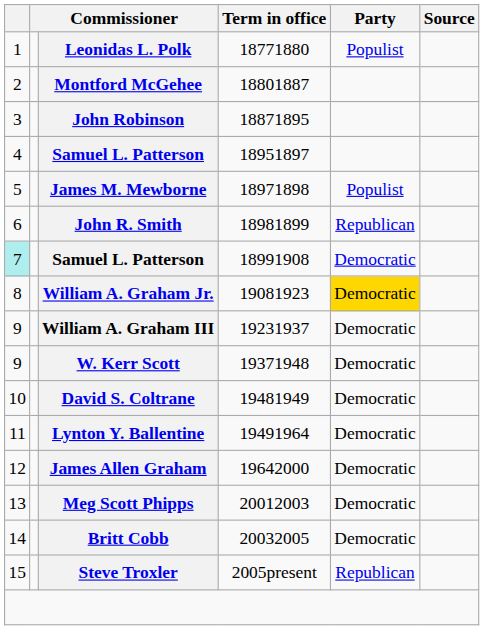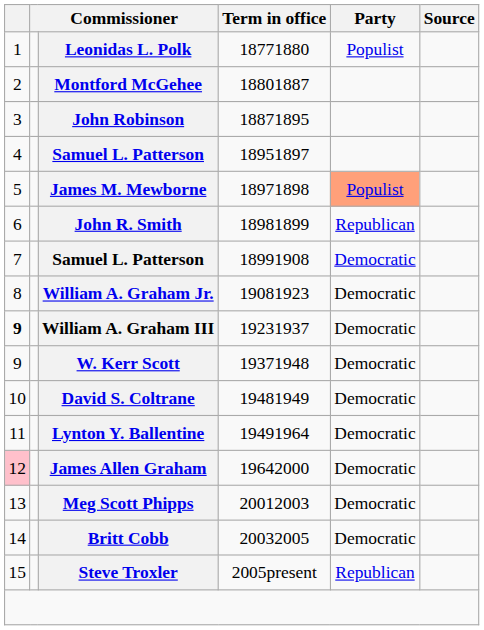 <table class="wikitable sortable" style="text-align:center;">
 <tr>
 <th scope="col" data-sort-type="number"></th>
 <th scope="col" colspan="2">Commissioner</th>
 <th scope="col">Term in office</th>
 <th scope="col">Party</th>
 <th scope="col">Source</th>
 </tr>
 <tr style="height:2em;">
 <td>1</td>
 <td data-sort-value="Polk, Leonidas L."></td>
 <th scope="row"><a href='#'>Leonidas L. Polk</a></th>
 <td>18771880</td>
 <td><a href='#'>Populist</a></td>
 <td></td>
 </tr>
 <tr style="height:2em;">
 <td>2</td>
 <td data-sort-value="McGehee, Montford"></td>
 <th scope="row"><a href='#'>Montford McGehee</a></th>
 <td>18801887</td>
 <td></td>
 <td></td>
 </tr>
 <tr style="height:2em;">
 <td>3</td>
 <td data-sort-value="Robinson, John"></td>
 <th scope="row"><a href='#'>John Robinson</a></th>
 <td>18871895</td>
 <td></td>
 <td></td>
 </tr>
 <tr style="height:2em;">
 <td>4</td>
 <td data-sort-value="Patterson, Samuel L."></td>
 <th scope="row"><a href='#'>Samuel L. Patterson</a></th>
 <td>18951897</td>
 <td></td>
 <td></td>
 </tr>
 <tr style="height:2em;">
 <td>5</td>
 <td data-sort-value="Mewborne, James M."></td>
 <th scope="row"><a href='#'>James M. Mewborne</a></th>
 <td>18971898</td>
-<td><a href='#'>Populist</a></td>
+<td style="background: lightsalmon;"><a href='#'>Populist</a></td>
 <td></td>
 </tr>
 <tr style="height:2em;">
 <td>6</td>
 <td data-sort-value="Smith, John R."></td>
 <th scope="row"><a href='#'>John R. Smith</a></th>
 <td>18981899</td>
 <td><a href='#'>Republican</a></td>
 <td></td>
 </tr>
 <tr style="height:2em;">
-<td style="background: paleturquoise;">7</td>
+<td>7</td>
 <td data-sort-value="Patterson, Samuel L."></td>
 <th scope="row">Samuel L. Patterson</th>
 <td>18991908</td>
 <td><a href='#'>Democratic</a></td>
 <td></td>
 </tr>
 <tr style="height:2em;">
 <td>8</td>
 <td data-sort-value="Graham, William A."></td>
 <th scope="row"><a href='#'>William A. Graham Jr.</a></th>
 <td>19081923</td>
-<td style="background: gold;">Democratic</td>
+<td>Democratic</td>
 <td></td>
 </tr>
 <tr style="height:2em;">
-<td>9</td>
+<td><strong>9</strong></td>
 <td data-sort-value="Graham, William A. III"></td>
 <th scope="row">William A. Graham III</th>
 <td>19231937</td>
 <td>Democratic</td>
 <td></td>
 </tr>
 <tr style="height:2em;">
 <td>9</td>
 <td data-sort-value="Scott, W. Kerr"></td>
 <th scope="row"><a href='#'>W. Kerr Scott</a></th>
 <td>19371948</td>
 <td>Democratic</td>
 <td></td>
 </tr>
 <tr style="height:2em;">
 <td>10</td>
 <td data-sort-value="Coltrane, David S."></td>
 <th scope="row"><a href='#'>David S. Coltrane</a></th>
 <td>19481949</td>
 <td>Democratic</td>
 <td></td>
 </tr>
 <tr style="height:2em;">
 <td>11</td>
 <td data-sort-value="Ballentine, Lynton Y."></td>
 <th scope="row"><a href='#'>Lynton Y. Ballentine</a></th>
 <td>19491964</td>
 <td>Democratic</td>
 <td></td>
 </tr>
 <tr style="height:2em;">
-<td>12</td>
+<td style="background: pink;">12</td>
 <td data-sort-value="Graham, James Allen"></td>
 <th scope="row"><a href='#'>James Allen Graham</a></th>
 <td>19642000</td>
 <td>Democratic</td>
 <td></td>
 </tr>
 <tr style="height:2em;">
 <td>13</td>
 <td data-sort-value="Phipps, Meg Scott"></td>
 <th scope="row"><a href='#'>Meg Scott Phipps</a></th>
 <td>20012003</td>
 <td>Democratic</td>
 <td></td>
 </tr>
 <tr style="height:2em;">
 <td>14</td>
 <td data-sort-value="Cobb, Britt"></td>
 <th scope="row"><a href='#'>Britt Cobb</a></th>
 <td>20032005</td>
 <td>Democratic</td>
 <td></td>
 </tr>
 <tr style="height:2em;">
 <td>15</td>
 <td data-sort-value="Troxler, Steve"></td>
 <th scope="row"><a href='#'>Steve Troxler</a></th>
 <td>2005present</td>
 <td><a href='#'>Republican</a></td>
 <td></td>
 </tr>
 <tr style="height:2em;">
 </tr>
 </table>
